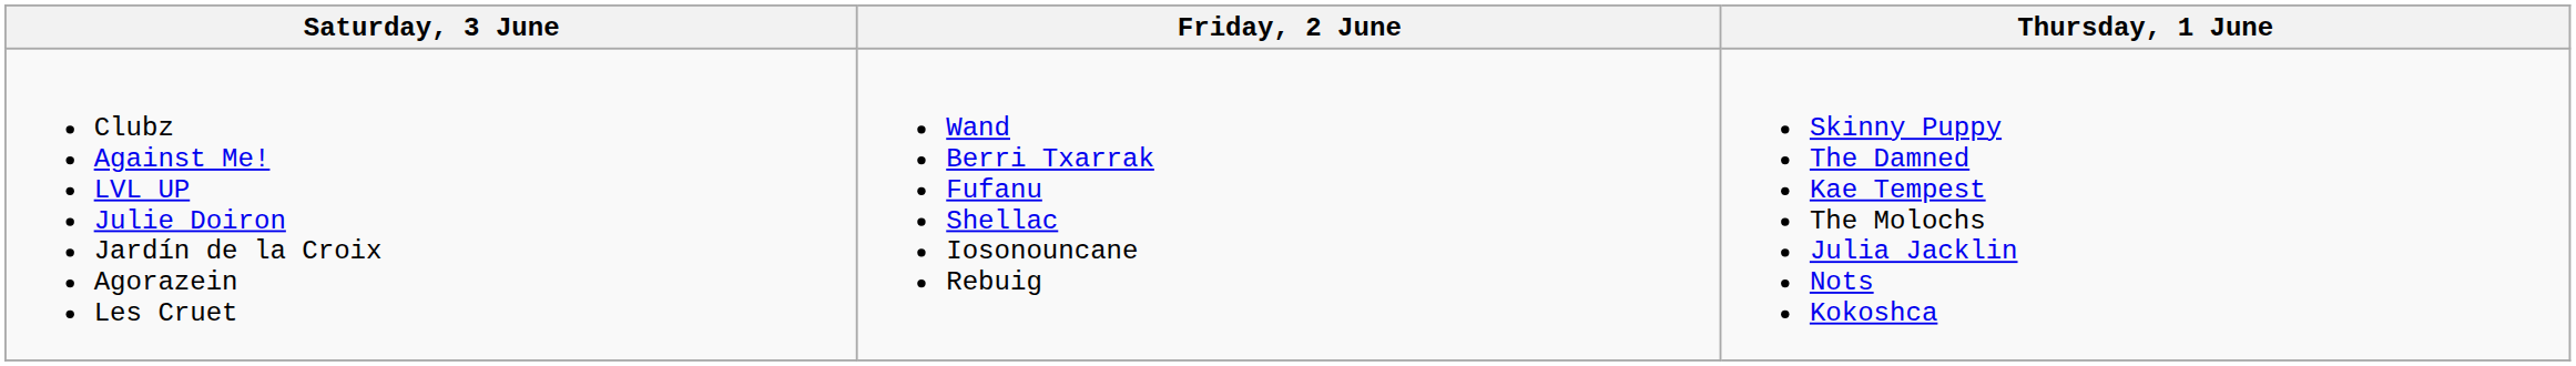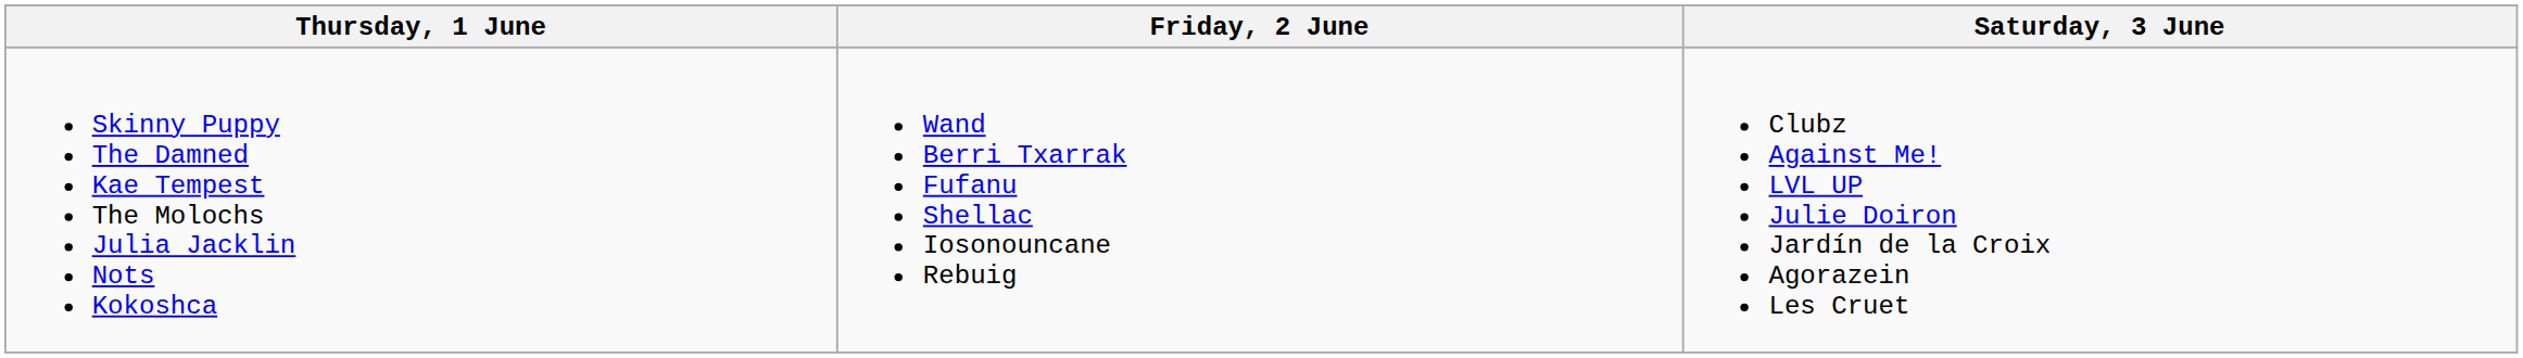 <table class="wikitable">
 <tr>
+<th width="500">Thursday, 1 June</th>
+<th width="500">Friday, 2 June</th>
 <th width="500">Saturday, 3 June</th>
-<th width="500">Friday, 2 June</th>
-<th width="500">Thursday, 1 June</th>
 </tr>
 <tr valign="top">
+<td><br><ul><li><a href='#'>Skinny Puppy</a></li><li><a href='#'>The Damned</a></li><li><a href='#'>Kae Tempest</a></li><li>The Molochs</li><li><a href='#'>Julia Jacklin</a></li><li><a href='#'>Nots</a></li><li><a href='#'>Kokoshca</a></li></ul></td>
+<td><br><ul><li><a href='#'>Wand</a></li><li><a href='#'>Berri Txarrak</a></li><li><a href='#'>Fufanu</a></li><li><a href='#'>Shellac</a></li><li>Iosonouncane</li><li>Rebuig</li></ul></td>
 <td><br><ul><li>Clubz</li><li><a href='#'>Against Me!</a></li><li><a href='#'>LVL UP</a></li><li><a href='#'>Julie Doiron</a></li><li>Jardín de la Croix</li><li>Agorazein</li><li>Les Cruet</li></ul></td>
-<td><br><ul><li><a href='#'>Wand</a></li><li><a href='#'>Berri Txarrak</a></li><li><a href='#'>Fufanu</a></li><li><a href='#'>Shellac</a></li><li>Iosonouncane</li><li>Rebuig</li></ul></td>
-<td><br><ul><li><a href='#'>Skinny Puppy</a></li><li><a href='#'>The Damned</a></li><li><a href='#'>Kae Tempest</a></li><li>The Molochs</li><li><a href='#'>Julia Jacklin</a></li><li><a href='#'>Nots</a></li><li><a href='#'>Kokoshca</a></li></ul></td>
 </tr>
 </table>
